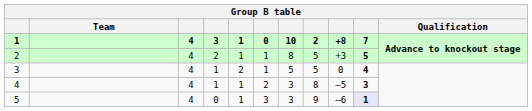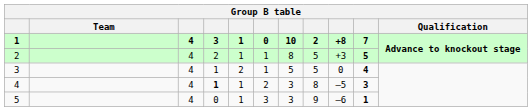 <table class="wikitable" style="text-align: center;">
 <tr>
 <th colspan="11">Group B table</th>
 </tr>
 <tr>
 <th width=30></th>
 <th width="210">Team</th>
 <th width=30></th>
 <th width=30></th>
 <th width=30></th>
 <th width=30></th>
 <th width=30></th>
 <th width=30></th>
 <th width=30></th>
 <th width=30></th>
 <th width=210>Qualification</th>
 </tr>
 <tr bgcolor=#ccffcc>
 <td><strong>1</strong></td>
 <td align="left"><strong></strong></td>
 <td><strong>4</strong></td>
 <td><strong>3</strong></td>
 <td><strong>1</strong></td>
 <td><strong>0</strong></td>
 <td><strong>10</strong></td>
 <td><strong>2</strong></td>
 <td><strong>+8</strong></td>
 <td><strong>7</strong></td>
 <td rowspan="2"><strong>Advance to knockout stage</strong></td>
 </tr>
 <tr bgcolor=#ccffcc>
 <td>2</td>
 <td align="left"></td>
 <td>4</td>
 <td>2</td>
 <td>1</td>
 <td>1</td>
 <td>8</td>
 <td>5</td>
 <td>+3</td>
 <td><strong>5</strong></td>
 </tr>
 <tr>
 <td>3</td>
 <td align="left"></td>
 <td>4</td>
 <td>1</td>
 <td>2</td>
 <td>1</td>
 <td>5</td>
 <td>5</td>
 <td>0</td>
 <td><strong>4</strong></td>
 <td rowspan="3"></td>
 </tr>
 <tr>
 <td>4</td>
 <td align="left"></td>
 <td>4</td>
-<td>1</td>
+<td><strong>1</strong></td>
 <td>1</td>
 <td>2</td>
 <td>3</td>
 <td>8</td>
 <td>–5</td>
 <td><strong>3</strong></td>
 </tr>
 <tr>
 <td>5</td>
 <td align="left"></td>
 <td>4</td>
 <td>0</td>
 <td>1</td>
 <td>3</td>
 <td>3</td>
 <td>9</td>
 <td>–6</td>
-<td style="background: lavender;"><strong>1</strong></td>
+<td><strong>1</strong></td>
 </tr>
 </table>
